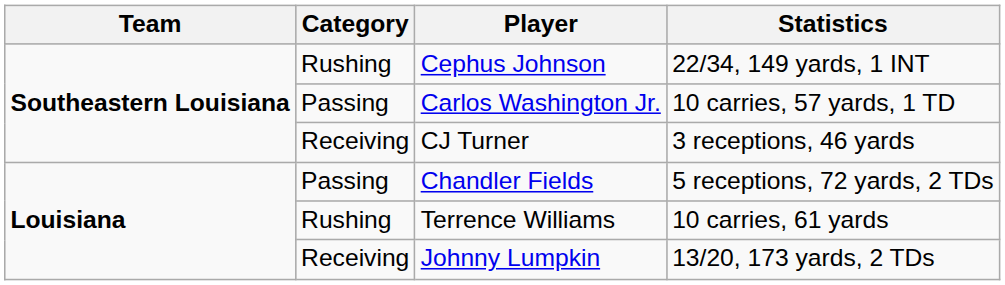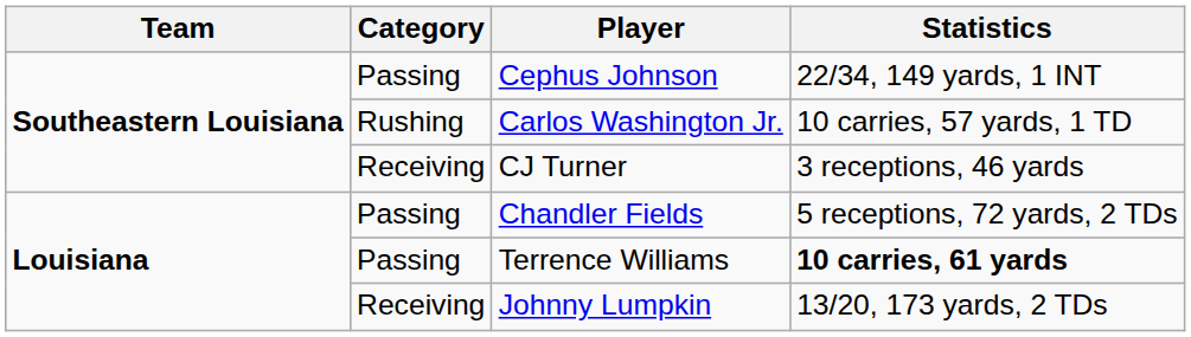 <table class="wikitable" style="float: left;">
 <tr>
 <th>Team</th>
 <th>Category</th>
 <th>Player</th>
 <th>Statistics</th>
 </tr>
 <tr>
 <td rowspan=3><strong>Southeastern Louisiana</strong></td>
-<td>Rushing</td>
+<td>Passing</td>
 <td><a href='#'>Cephus Johnson</a></td>
 <td>22/34, 149 yards, 1 INT</td>
 </tr>
 <tr>
-<td>Passing</td>
+<td>Rushing</td>
 <td><a href='#'>Carlos Washington Jr.</a></td>
 <td>10 carries, 57 yards, 1 TD</td>
 </tr>
 <tr>
 <td>Receiving</td>
 <td>CJ Turner</td>
 <td>3 receptions, 46 yards</td>
 </tr>
 <tr>
 <td rowspan=3><strong>Louisiana</strong></td>
 <td>Passing</td>
 <td><a href='#'>Chandler Fields</a></td>
 <td>5 receptions, 72 yards, 2 TDs</td>
 </tr>
 <tr>
-<td>Rushing</td>
+<td>Passing</td>
 <td>Terrence Williams</td>
-<td>10 carries, 61 yards</td>
+<td><strong>10 carries, 61 yards</strong></td>
 </tr>
 <tr>
 <td>Receiving</td>
 <td><a href='#'>Johnny Lumpkin</a></td>
 <td>13/20, 173 yards, 2 TDs</td>
 </tr>
 </table>
